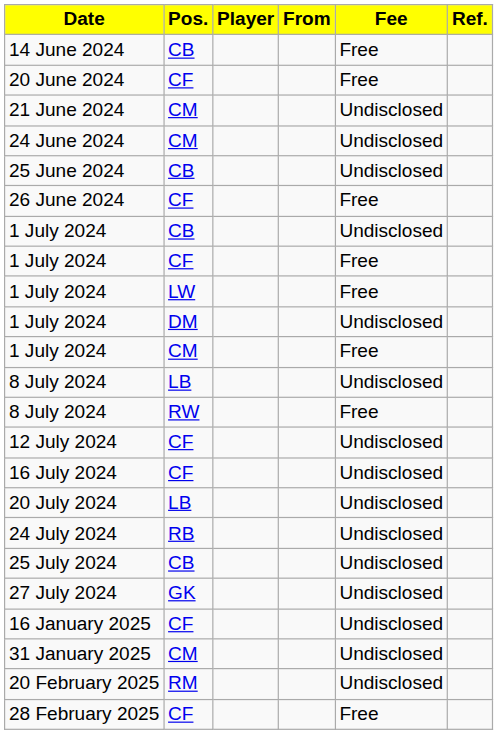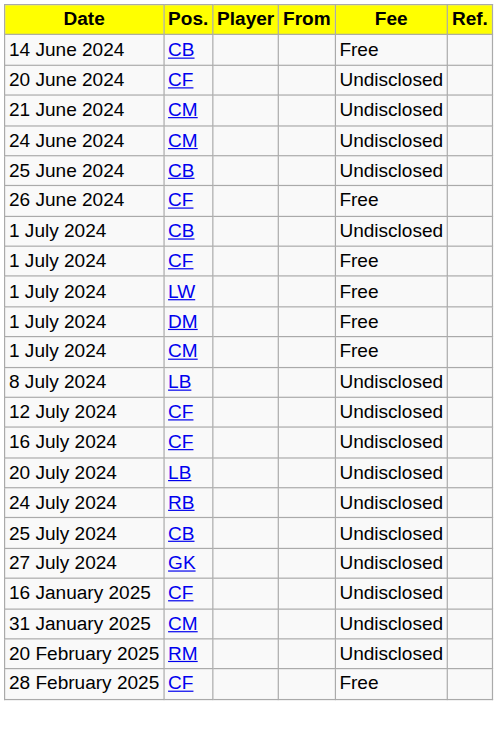 <table class="wikitable plainrowheaders sortable">
 <tr>
 <th style="background:yellow;">Date</th>
 <th style="background:yellow;">Pos.</th>
 <th style="background:yellow;">Player</th>
 <th style="background:yellow;">From</th>
 <th style="background:yellow;">Fee</th>
 <th style="background:yellow;">Ref.</th>
 </tr>
 <tr>
 <td>14 June 2024</td>
 <td><a href='#'>CB</a></td>
 <td></td>
 <td></td>
 <td>Free</td>
 <td></td>
 </tr>
 <tr>
 <td>20 June 2024</td>
 <td><a href='#'>CF</a></td>
 <td></td>
 <td></td>
-<td>Free</td>
+<td>Undisclosed</td>
 <td></td>
 </tr>
 <tr>
 <td>21 June 2024</td>
 <td><a href='#'>CM</a></td>
 <td></td>
 <td></td>
 <td>Undisclosed</td>
 <td></td>
 </tr>
 <tr>
 <td>24 June 2024</td>
 <td><a href='#'>CM</a></td>
 <td></td>
 <td></td>
 <td>Undisclosed</td>
 <td></td>
 </tr>
 <tr>
 <td>25 June 2024</td>
 <td><a href='#'>CB</a></td>
 <td></td>
 <td></td>
 <td>Undisclosed</td>
 <td></td>
 </tr>
 <tr>
 <td>26 June 2024</td>
 <td><a href='#'>CF</a></td>
 <td></td>
 <td></td>
 <td>Free</td>
 <td></td>
 </tr>
 <tr>
 <td>1 July 2024</td>
 <td><a href='#'>CB</a></td>
 <td></td>
 <td></td>
 <td>Undisclosed</td>
 <td></td>
 </tr>
 <tr>
 <td>1 July 2024</td>
 <td><a href='#'>CF</a></td>
 <td></td>
 <td></td>
 <td>Free</td>
 <td></td>
 </tr>
 <tr>
 <td>1 July 2024</td>
 <td><a href='#'>LW</a></td>
 <td></td>
 <td></td>
 <td>Free</td>
 <td></td>
 </tr>
 <tr>
 <td>1 July 2024</td>
 <td><a href='#'>DM</a></td>
 <td></td>
 <td></td>
-<td>Undisclosed</td>
+<td>Free</td>
 <td></td>
 </tr>
 <tr>
 <td>1 July 2024</td>
 <td><a href='#'>CM</a></td>
 <td></td>
 <td></td>
 <td>Free</td>
 <td></td>
 </tr>
 <tr>
 <td>8 July 2024</td>
 <td><a href='#'>LB</a></td>
 <td></td>
 <td></td>
 <td>Undisclosed</td>
-<td></td>
-</tr>
-<tr>
-<td>8 July 2024</td>
-<td><a href='#'>RW</a></td>
-<td></td>
-<td></td>
-<td>Free</td>
 <td></td>
 </tr>
 <tr>
 <td>12 July 2024</td>
 <td><a href='#'>CF</a></td>
 <td></td>
 <td></td>
 <td>Undisclosed</td>
 <td></td>
 </tr>
 <tr>
 <td>16 July 2024</td>
 <td><a href='#'>CF</a></td>
 <td></td>
 <td></td>
 <td>Undisclosed</td>
 <td></td>
 </tr>
 <tr>
 <td>20 July 2024</td>
 <td><a href='#'>LB</a></td>
 <td></td>
 <td></td>
 <td>Undisclosed</td>
 <td></td>
 </tr>
 <tr>
 <td>24 July 2024</td>
 <td><a href='#'>RB</a></td>
 <td></td>
 <td></td>
 <td>Undisclosed</td>
 <td></td>
 </tr>
 <tr>
 <td>25 July 2024</td>
 <td><a href='#'>CB</a></td>
 <td></td>
 <td></td>
 <td>Undisclosed</td>
 <td></td>
 </tr>
 <tr>
 <td>27 July 2024</td>
 <td><a href='#'>GK</a></td>
 <td></td>
 <td></td>
 <td>Undisclosed</td>
 <td></td>
 </tr>
 <tr>
 <td>16 January 2025</td>
 <td><a href='#'>CF</a></td>
 <td></td>
 <td></td>
 <td>Undisclosed</td>
 <td></td>
 </tr>
 <tr>
 <td>31 January 2025</td>
 <td><a href='#'>CM</a></td>
 <td></td>
 <td></td>
 <td>Undisclosed</td>
 <td></td>
 </tr>
 <tr>
 <td>20 February 2025</td>
 <td><a href='#'>RM</a></td>
 <td></td>
 <td></td>
 <td>Undisclosed</td>
 <td></td>
 </tr>
 <tr>
 <td>28 February 2025</td>
 <td><a href='#'>CF</a></td>
 <td></td>
 <td></td>
 <td>Free</td>
 <td></td>
 </tr>
 </table>
